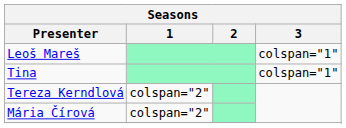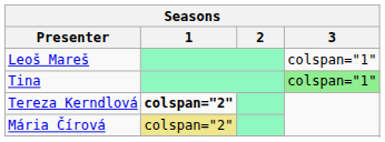 <table class="wikitable">
 <tr>
 <th colspan=10>Seasons</th>
 </tr>
 <tr>
 <th>Presenter</th>
 <th ! width="40">1</th>
 <th width="40">2</th>
 <th width="40">3</th>
 </tr>
 <tr>
 <td><a href='#'>Leoš Mareš</a></td>
 <td colspan="2" bgcolor="#8FF7C0"></td>
 <td>colspan="1" </td>
 </tr>
 <tr>
 <td><a href='#'>Tina</a></td>
 <td colspan="2" bgcolor="#8FF7C0"></td>
-<td>colspan="1" </td>
+<td style="background: lightgreen;">colspan="1" </td>
 </tr>
 <tr>
 <td><a href='#'>Tereza Kerndlová</a></td>
-<td>colspan="2" </td>
+<td><strong>colspan="2" </strong></td>
 <td colspan="1" bgcolor="#8FF7C0"></td>
 </tr>
 <tr>
 <td><a href='#'>Mária Čírová</a></td>
-<td>colspan="2" </td>
+<td style="background: khaki;">colspan="2" </td>
 <td colspan="1" bgcolor="#8FF7C0"></td>
 </tr>
 <tr>
 </tr>
 </table>
